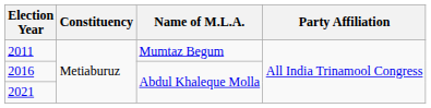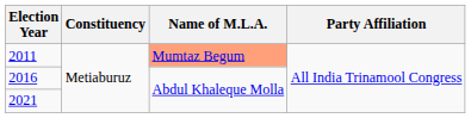 <table class="wikitable sortable"ìÍĦĤĠčw>
 <tr>
 <th>Election<br> Year</th>
 <th>Constituency</th>
 <th>Name of M.L.A.</th>
 <th>Party Affiliation</th>
 </tr>
 <tr>
 <td><a href='#'>2011</a></td>
 <td rowspan=3>Metiaburuz</td>
-<td><a href='#'>Mumtaz Begum</a></td>
+<td style="background: lightsalmon;"><a href='#'>Mumtaz Begum</a></td>
 <td rowspan=3><a href='#'>All India Trinamool Congress</a></td>
 </tr>
 <tr>
 <td><a href='#'>2016</a></td>
 <td rowspan=2><a href='#'>Abdul Khaleque Molla</a></td>
 </tr>
 <tr>
 <td><a href='#'>2021</a></td>
 </tr>
 </table>
